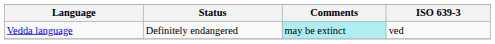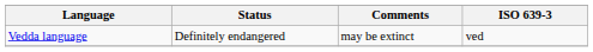 <table class="wikitable" align="center" style="font-size:90%">
 <tr>
 </tr>
 <tr>
 <th width="20%">Language</th>
 <th width="20%">Status</th>
 <th width="15%">Comments</th>
 <th width="15%">ISO 639-3</th>
 </tr>
 <tr>
 <td><a href='#'>Vedda language</a></td>
 <td>Definitely endangered</td>
-<td style="background: paleturquoise;"> may be extinct   </td>
+<td> may be extinct   </td>
 <td>ved</td>
 </tr>
 <tr>
 </tr>
 </table>
